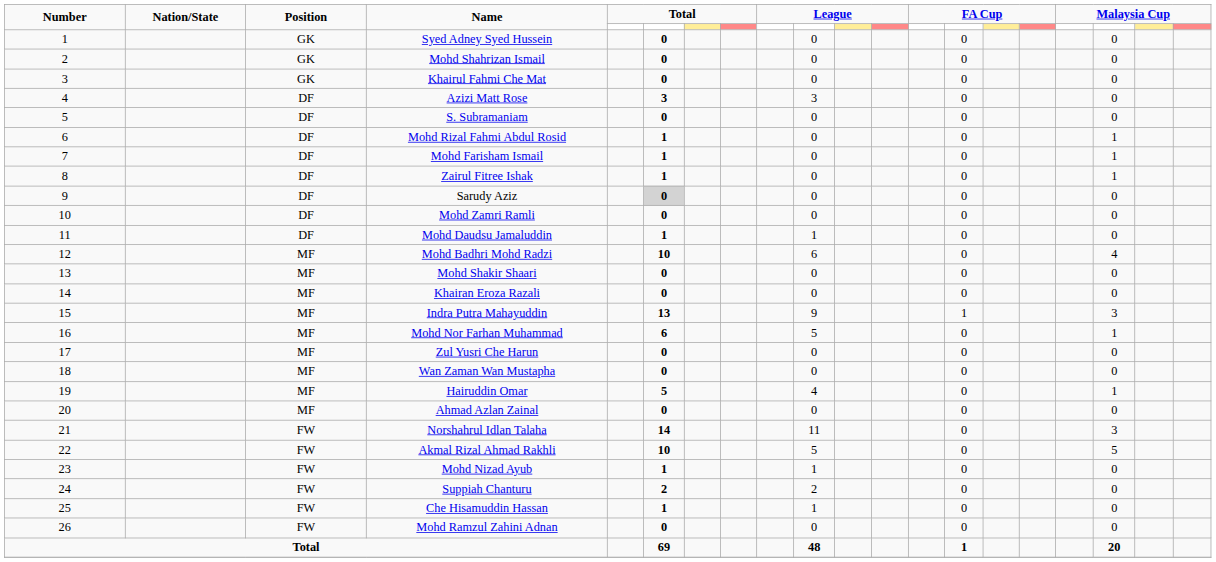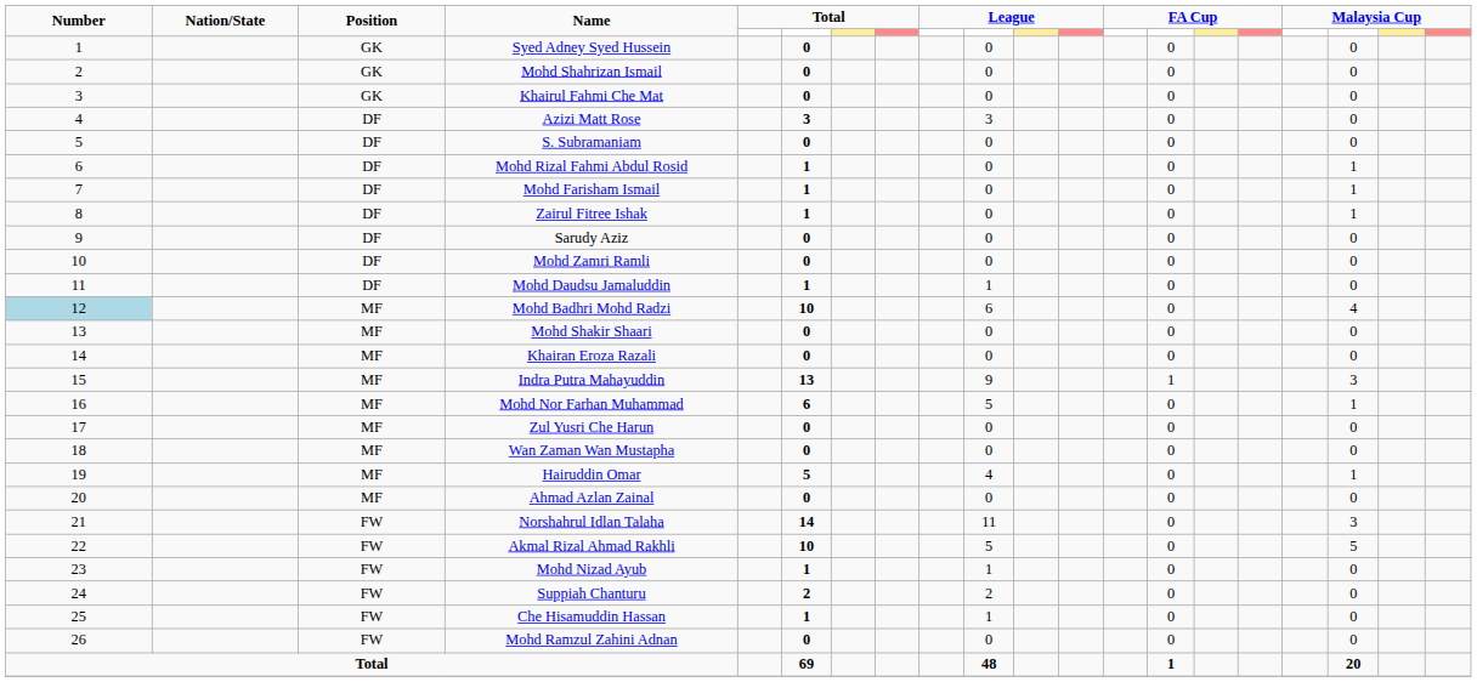 <table class="wikitable" style="font-size: 100%; text-align: center;">
 <tr>
 <td rowspan="2" width="10%" align="center"><strong>Number</strong></td>
 <td rowspan="2" width="10%" align="center"><strong>Nation/State</strong></td>
 <td rowspan="2" width="10%" align="center"><strong>Position</strong></td>
 <td rowspan="2" width="20%" align="center"><strong>Name</strong></td>
 <td colspan="4" align="center"><strong>Total </strong></td>
 <td colspan="4" align="center"><strong><a href='#'>League</a></strong></td>
 <td colspan="4" align="center"><strong><a href='#'>FA Cup</a></strong></td>
 <td colspan="4" align="center"><strong><a href='#'>Malaysia Cup</a></strong></td>
 </tr>
 <tr>
 <th width=60 style="background: #FFFFFF"></th>
 <th width=60 style="background: #FFFFFF"></th>
 <th width=60 style="background: #FFEE99"></th>
 <th width=60 style="background: #FF8888"></th>
 <th width=60 style="background: #FFFFFF"></th>
 <th width=60 style="background: #FFFFFF"></th>
 <th width=60 style="background: #FFEE99"></th>
 <th width=60 style="background: #FF8888"></th>
 <th width=60 style="background: #FFFFFF"></th>
 <th width=60 style="background: #FFFFFF"></th>
 <th width=60 style="background: #FFEE99"></th>
 <th width=60 style="background: #FF8888"></th>
 <th width=60 style="background: #FFFFFF"></th>
 <th width=60 style="background: #FFFFFF"></th>
 <th width=60 style="background: #FFEE99"></th>
 <th width=60 style="background: #FF8888"></th>
 </tr>
 <tr>
 <td>1</td>
 <td> </td>
 <td>GK</td>
 <td><a href='#'>Syed Adney Syed Hussein</a></td>
 <td><strong> </strong></td>
 <td><strong>0</strong></td>
 <td><strong> </strong></td>
 <td><strong> </strong></td>
 <td></td>
 <td>0</td>
 <td></td>
 <td></td>
 <td></td>
 <td>0</td>
 <td></td>
 <td></td>
 <td></td>
 <td>0</td>
 <td></td>
 <td></td>
 </tr>
 <tr>
 <td>2</td>
 <td> </td>
 <td>GK</td>
 <td><a href='#'>Mohd Shahrizan Ismail</a></td>
 <td><strong> </strong></td>
 <td><strong>0</strong></td>
 <td><strong> </strong></td>
 <td><strong> </strong></td>
 <td></td>
 <td>0</td>
 <td></td>
 <td></td>
 <td></td>
 <td>0</td>
 <td></td>
 <td></td>
 <td></td>
 <td>0</td>
 <td></td>
 <td></td>
 </tr>
 <tr>
 <td>3</td>
 <td> </td>
 <td>GK</td>
 <td><a href='#'>Khairul Fahmi Che Mat</a></td>
 <td><strong> </strong></td>
 <td><strong>0</strong></td>
 <td><strong> </strong></td>
 <td><strong> </strong></td>
 <td></td>
 <td>0</td>
 <td></td>
 <td></td>
 <td></td>
 <td>0</td>
 <td></td>
 <td></td>
 <td></td>
 <td>0</td>
 <td></td>
 <td></td>
 </tr>
 <tr>
 <td>4</td>
 <td> </td>
 <td>DF</td>
 <td><a href='#'>Azizi Matt Rose</a></td>
 <td><strong> </strong></td>
 <td><strong>3</strong></td>
 <td><strong> </strong></td>
 <td><strong> </strong></td>
 <td></td>
 <td>3</td>
 <td></td>
 <td></td>
 <td></td>
 <td>0</td>
 <td></td>
 <td></td>
 <td></td>
 <td>0</td>
 <td></td>
 <td></td>
 </tr>
 <tr>
 <td>5</td>
 <td> </td>
 <td>DF</td>
 <td><a href='#'>S. Subramaniam</a></td>
 <td><strong> </strong></td>
 <td><strong>0</strong></td>
 <td><strong> </strong></td>
 <td><strong> </strong></td>
 <td></td>
 <td>0</td>
 <td></td>
 <td></td>
 <td></td>
 <td>0</td>
 <td></td>
 <td></td>
 <td></td>
 <td>0</td>
 <td></td>
 <td></td>
 </tr>
 <tr>
 <td>6</td>
 <td> </td>
 <td>DF</td>
 <td><a href='#'>Mohd Rizal Fahmi Abdul Rosid</a></td>
 <td><strong> </strong></td>
 <td><strong>1</strong></td>
 <td><strong> </strong></td>
 <td><strong> </strong></td>
 <td></td>
 <td>0</td>
 <td></td>
 <td></td>
 <td></td>
 <td>0</td>
 <td></td>
 <td></td>
 <td></td>
 <td>1</td>
 <td></td>
 <td></td>
 </tr>
 <tr>
 <td>7</td>
 <td> </td>
 <td>DF</td>
 <td><a href='#'>Mohd Farisham Ismail</a></td>
 <td><strong> </strong></td>
 <td><strong>1</strong></td>
 <td><strong> </strong></td>
 <td><strong> </strong></td>
 <td></td>
 <td>0</td>
 <td></td>
 <td></td>
 <td></td>
 <td>0</td>
 <td></td>
 <td></td>
 <td></td>
 <td>1</td>
 <td></td>
 <td></td>
 </tr>
 <tr>
 <td>8</td>
 <td> </td>
 <td>DF</td>
 <td><a href='#'>Zairul Fitree Ishak</a></td>
 <td><strong> </strong></td>
 <td><strong>1</strong></td>
 <td><strong> </strong></td>
 <td><strong> </strong></td>
 <td></td>
 <td>0</td>
 <td></td>
 <td></td>
 <td></td>
 <td>0</td>
 <td></td>
 <td></td>
 <td></td>
 <td>1</td>
 <td></td>
 <td></td>
 </tr>
 <tr>
 <td>9</td>
 <td> </td>
 <td>DF</td>
 <td>Sarudy Aziz</td>
 <td><strong> </strong></td>
-<td style="background: lightgrey;"><strong>0</strong></td>
+<td><strong>0</strong></td>
 <td><strong> </strong></td>
 <td><strong> </strong></td>
 <td></td>
 <td>0</td>
 <td></td>
 <td></td>
 <td></td>
 <td>0</td>
 <td></td>
 <td></td>
 <td></td>
 <td>0</td>
 <td></td>
 <td></td>
 </tr>
 <tr>
 <td>10</td>
 <td> </td>
 <td>DF</td>
 <td><a href='#'>Mohd Zamri Ramli</a></td>
 <td><strong> </strong></td>
 <td><strong>0</strong></td>
 <td><strong> </strong></td>
 <td><strong> </strong></td>
 <td></td>
 <td>0</td>
 <td></td>
 <td></td>
 <td></td>
 <td>0</td>
 <td></td>
 <td></td>
 <td></td>
 <td>0</td>
 <td></td>
 <td></td>
 </tr>
 <tr>
 <td>11</td>
 <td> </td>
 <td>DF</td>
 <td><a href='#'>Mohd Daudsu Jamaluddin</a></td>
 <td><strong> </strong></td>
 <td><strong>1</strong></td>
 <td><strong> </strong></td>
 <td><strong> </strong></td>
 <td></td>
 <td>1</td>
 <td></td>
 <td></td>
 <td></td>
 <td>0</td>
 <td></td>
 <td></td>
 <td></td>
 <td>0</td>
 <td></td>
 <td></td>
 </tr>
 <tr>
-<td>12</td>
+<td style="background: lightblue;">12</td>
 <td> </td>
 <td>MF</td>
 <td><a href='#'>Mohd Badhri Mohd Radzi</a></td>
 <td><strong> </strong></td>
 <td><strong>10</strong></td>
 <td><strong> </strong></td>
 <td><strong> </strong></td>
 <td></td>
 <td>6</td>
 <td></td>
 <td></td>
 <td></td>
 <td>0</td>
 <td></td>
 <td></td>
 <td></td>
 <td>4</td>
 <td></td>
 <td></td>
 </tr>
 <tr>
 <td>13</td>
 <td> </td>
 <td>MF</td>
 <td><a href='#'>Mohd Shakir Shaari</a></td>
 <td><strong> </strong></td>
 <td><strong>0</strong></td>
 <td><strong> </strong></td>
 <td><strong> </strong></td>
 <td></td>
 <td>0</td>
 <td></td>
 <td></td>
 <td></td>
 <td>0</td>
 <td></td>
 <td></td>
 <td></td>
 <td>0</td>
 <td></td>
 <td></td>
 </tr>
 <tr>
 <td>14</td>
 <td> </td>
 <td>MF</td>
 <td><a href='#'>Khairan Eroza Razali</a></td>
 <td><strong> </strong></td>
 <td><strong>0</strong></td>
 <td><strong> </strong></td>
 <td><strong> </strong></td>
 <td></td>
 <td>0</td>
 <td></td>
 <td></td>
 <td></td>
 <td>0</td>
 <td></td>
 <td></td>
 <td></td>
 <td>0</td>
 <td></td>
 <td></td>
 </tr>
 <tr>
 <td>15</td>
 <td> </td>
 <td>MF</td>
 <td><a href='#'>Indra Putra Mahayuddin</a></td>
 <td><strong> </strong></td>
 <td><strong>13</strong></td>
 <td><strong> </strong></td>
 <td><strong> </strong></td>
 <td></td>
 <td>9</td>
 <td></td>
 <td></td>
 <td></td>
 <td>1</td>
 <td></td>
 <td></td>
 <td></td>
 <td>3</td>
 <td></td>
 <td></td>
 </tr>
 <tr>
 <td>16</td>
 <td> </td>
 <td>MF</td>
 <td><a href='#'>Mohd Nor Farhan Muhammad</a></td>
 <td><strong> </strong></td>
 <td><strong>6</strong></td>
 <td><strong> </strong></td>
 <td><strong> </strong></td>
 <td></td>
 <td>5</td>
 <td></td>
 <td></td>
 <td></td>
 <td>0</td>
 <td></td>
 <td></td>
 <td></td>
 <td>1</td>
 <td></td>
 <td></td>
 </tr>
 <tr>
 <td>17</td>
 <td> </td>
 <td>MF</td>
 <td><a href='#'>Zul Yusri Che Harun</a></td>
 <td><strong> </strong></td>
 <td><strong>0</strong></td>
 <td><strong> </strong></td>
 <td><strong> </strong></td>
 <td></td>
 <td>0</td>
 <td></td>
 <td></td>
 <td></td>
 <td>0</td>
 <td></td>
 <td></td>
 <td></td>
 <td>0</td>
 <td></td>
 <td></td>
 </tr>
 <tr>
 <td>18</td>
 <td> </td>
 <td>MF</td>
 <td><a href='#'>Wan Zaman Wan Mustapha</a></td>
 <td><strong> </strong></td>
 <td><strong>0</strong></td>
 <td><strong> </strong></td>
 <td><strong> </strong></td>
 <td></td>
 <td>0</td>
 <td></td>
 <td></td>
 <td></td>
 <td>0</td>
 <td></td>
 <td></td>
 <td></td>
 <td>0</td>
 <td></td>
 <td></td>
 </tr>
 <tr>
 <td>19</td>
 <td> </td>
 <td>MF</td>
 <td><a href='#'>Hairuddin Omar</a></td>
 <td><strong> </strong></td>
 <td><strong>5</strong></td>
 <td><strong> </strong></td>
 <td><strong> </strong></td>
 <td></td>
 <td>4</td>
 <td></td>
 <td></td>
 <td></td>
 <td>0</td>
 <td></td>
 <td></td>
 <td></td>
 <td>1</td>
 <td></td>
 <td></td>
 </tr>
 <tr>
 <td>20</td>
 <td> </td>
 <td>MF</td>
 <td><a href='#'>Ahmad Azlan Zainal</a></td>
 <td><strong> </strong></td>
 <td><strong>0</strong></td>
 <td><strong> </strong></td>
 <td><strong> </strong></td>
 <td></td>
 <td>0</td>
 <td></td>
 <td></td>
 <td></td>
 <td>0</td>
 <td></td>
 <td></td>
 <td></td>
 <td>0</td>
 <td></td>
 <td></td>
 </tr>
 <tr>
 <td>21</td>
 <td> </td>
 <td>FW</td>
 <td><a href='#'>Norshahrul Idlan Talaha</a></td>
 <td><strong> </strong></td>
 <td><strong>14</strong></td>
 <td><strong> </strong></td>
 <td><strong> </strong></td>
 <td></td>
 <td>11</td>
 <td></td>
 <td></td>
 <td></td>
 <td>0</td>
 <td></td>
 <td></td>
 <td></td>
 <td>3</td>
 <td></td>
 <td></td>
 </tr>
 <tr>
 <td>22</td>
 <td> </td>
 <td>FW</td>
 <td><a href='#'>Akmal Rizal Ahmad Rakhli</a></td>
 <td><strong> </strong></td>
 <td><strong>10</strong></td>
 <td><strong> </strong></td>
 <td><strong> </strong></td>
 <td></td>
 <td>5</td>
 <td></td>
 <td></td>
 <td></td>
 <td>0</td>
 <td></td>
 <td></td>
 <td></td>
 <td>5</td>
 <td></td>
 <td></td>
 </tr>
 <tr>
 <td>23</td>
 <td> </td>
 <td>FW</td>
 <td><a href='#'>Mohd Nizad Ayub</a></td>
 <td><strong> </strong></td>
 <td><strong>1</strong></td>
 <td><strong> </strong></td>
 <td><strong> </strong></td>
 <td></td>
 <td>1</td>
 <td></td>
 <td></td>
 <td></td>
 <td>0</td>
 <td></td>
 <td></td>
 <td></td>
 <td>0</td>
 <td></td>
 <td></td>
 </tr>
 <tr>
 <td>24</td>
 <td> </td>
 <td>FW</td>
 <td><a href='#'>Suppiah Chanturu</a></td>
 <td><strong> </strong></td>
 <td><strong>2</strong></td>
 <td><strong> </strong></td>
 <td><strong> </strong></td>
 <td></td>
 <td>2</td>
 <td></td>
 <td></td>
 <td></td>
 <td>0</td>
 <td></td>
 <td></td>
 <td></td>
 <td>0</td>
 <td></td>
 <td></td>
 </tr>
 <tr>
 <td>25</td>
 <td> </td>
 <td>FW</td>
 <td><a href='#'>Che Hisamuddin Hassan</a></td>
 <td><strong> </strong></td>
 <td><strong>1</strong></td>
 <td><strong> </strong></td>
 <td><strong> </strong></td>
 <td></td>
 <td>1</td>
 <td></td>
 <td></td>
 <td></td>
 <td>0</td>
 <td></td>
 <td></td>
 <td></td>
 <td>0</td>
 <td></td>
 <td></td>
 </tr>
 <tr>
 <td>26</td>
 <td> </td>
 <td>FW</td>
 <td><a href='#'>Mohd Ramzul Zahini Adnan</a></td>
 <td><strong> </strong></td>
 <td><strong>0</strong></td>
 <td><strong> </strong></td>
 <td><strong> </strong></td>
 <td></td>
 <td>0</td>
 <td></td>
 <td></td>
 <td></td>
 <td>0</td>
 <td></td>
 <td></td>
 <td></td>
 <td>0</td>
 <td></td>
 <td></td>
 </tr>
 <tr>
 <td colspan=4><strong>Total</strong></td>
 <td></td>
 <td align=center><strong>69</strong></td>
 <td align=center></td>
 <td align=center></td>
 <td align=center></td>
 <td align=center><strong>48</strong></td>
 <td align=center></td>
 <td align=center></td>
 <td align=center></td>
 <td align=center><strong>1</strong></td>
 <td align=center></td>
 <td align=center></td>
 <td align=center></td>
 <td align=center><strong>20</strong></td>
 <td align=center></td>
 <td align=center></td>
 </tr>
 <tr>
 </tr>
 </table>
